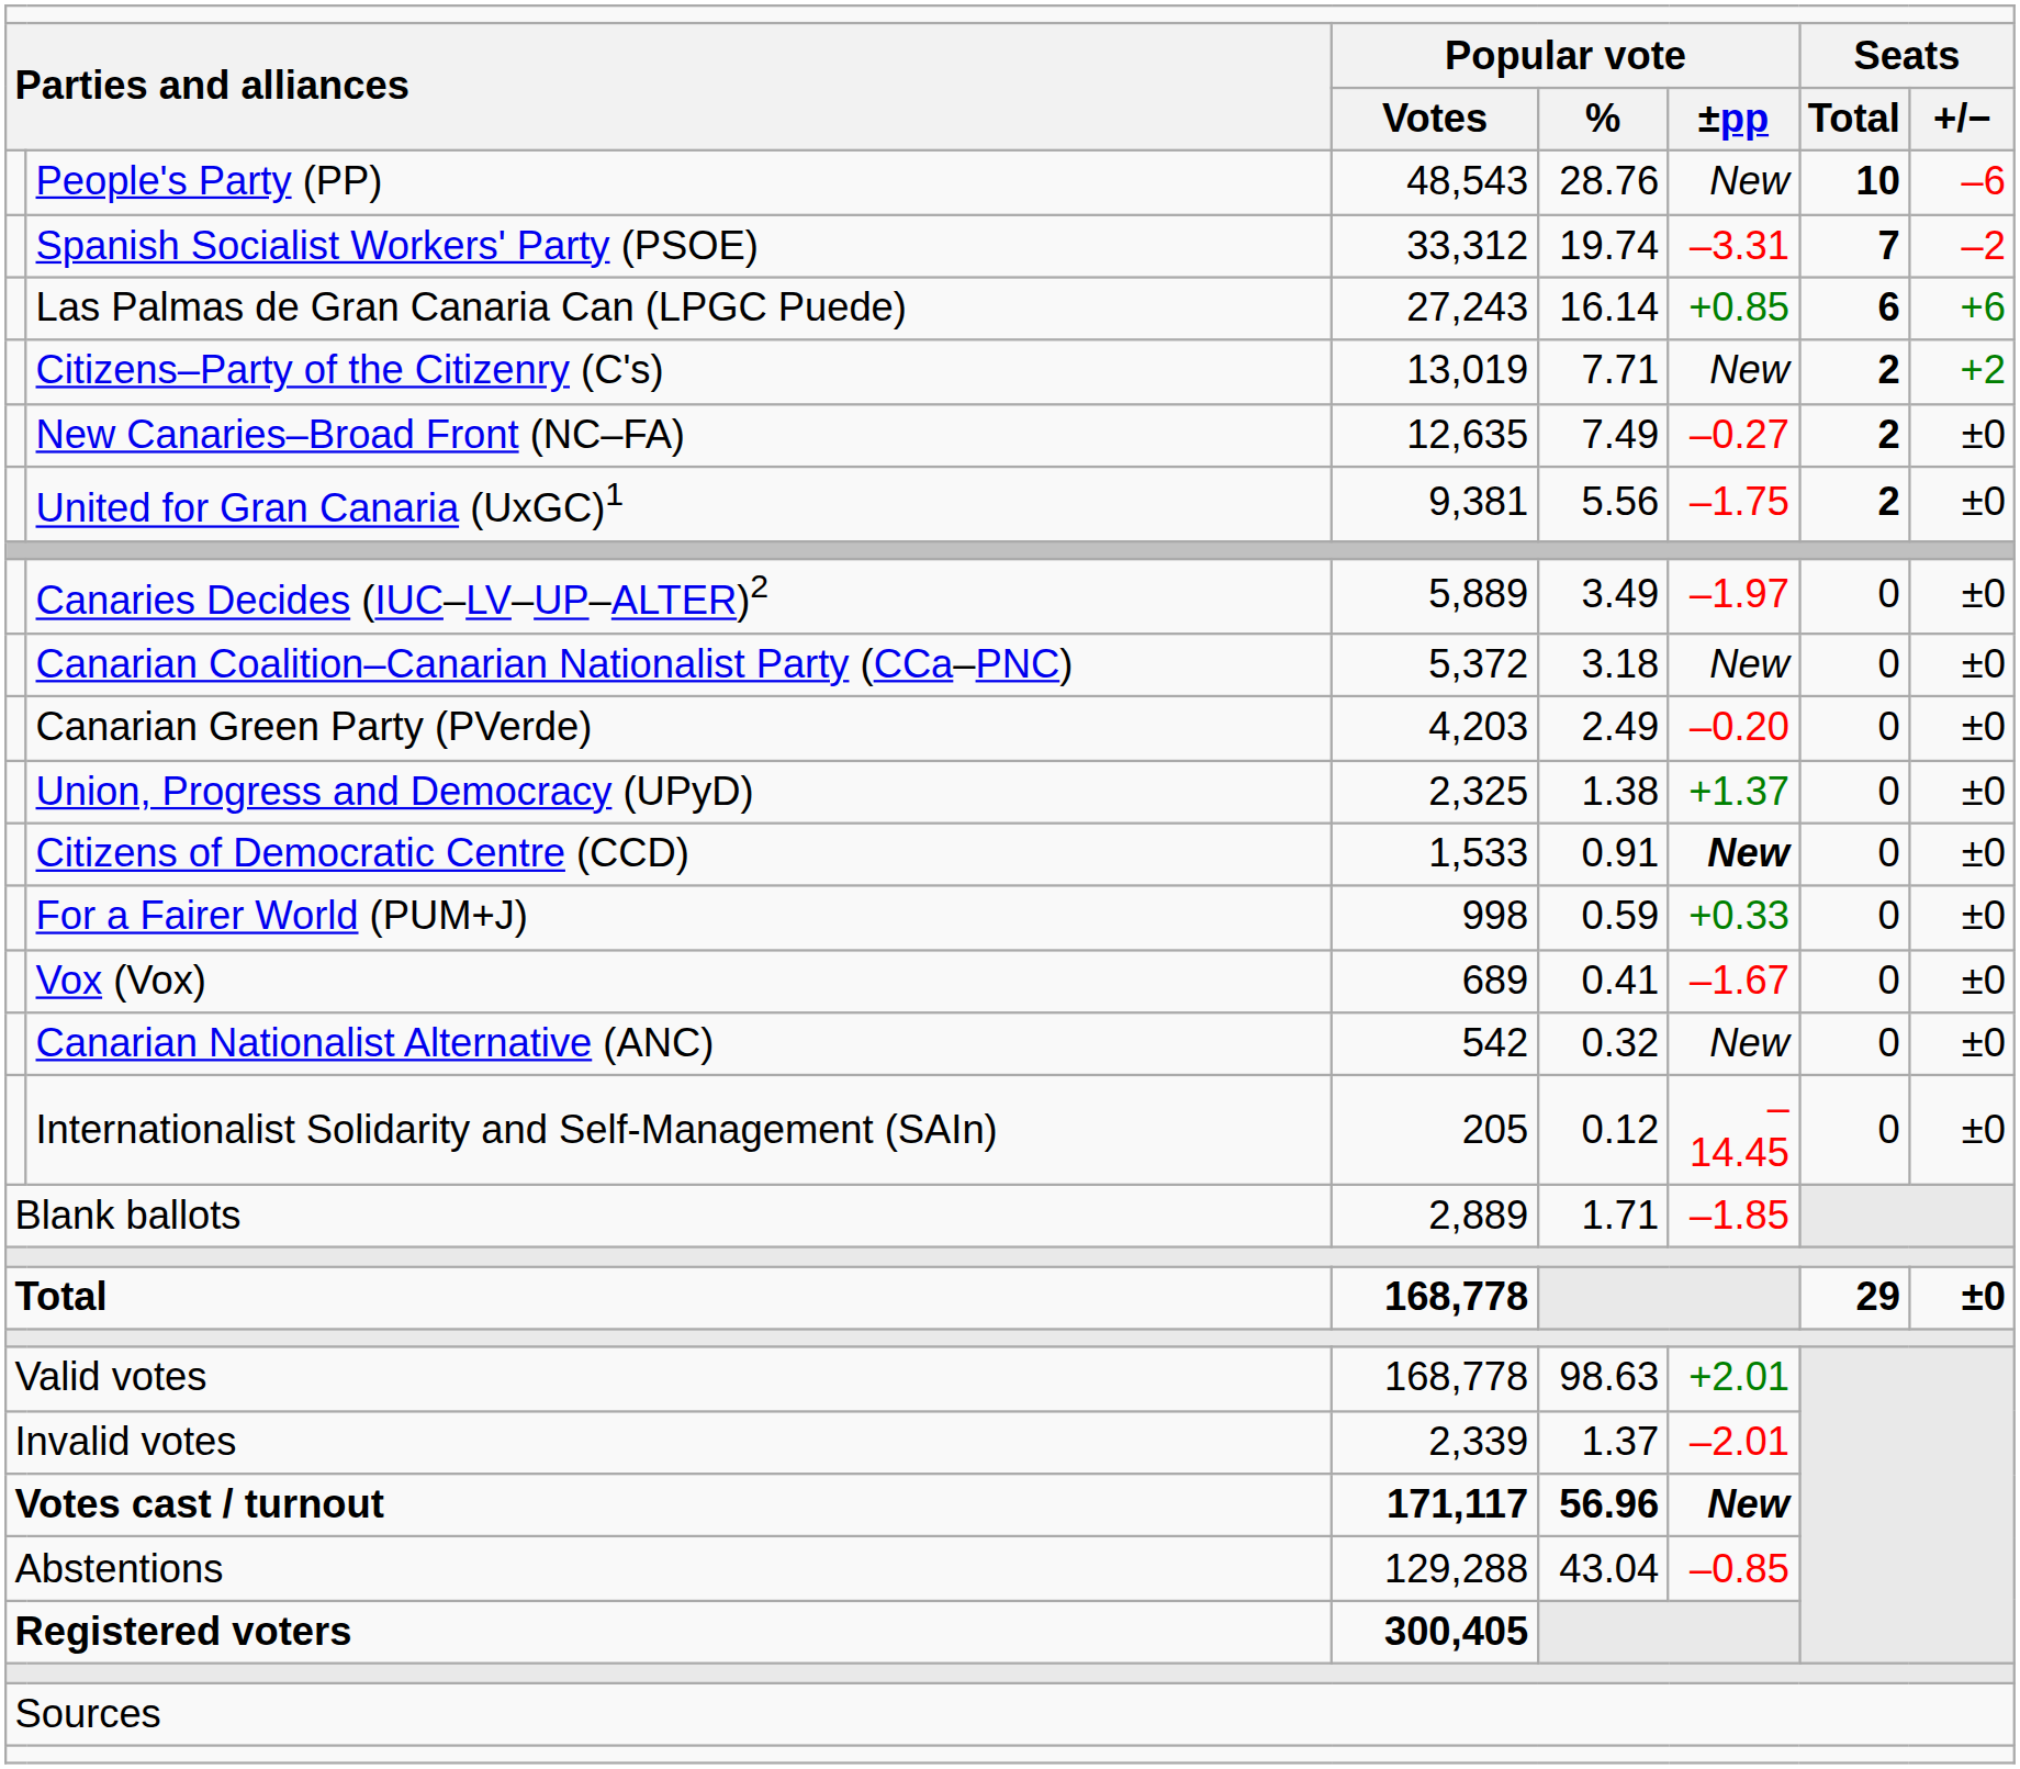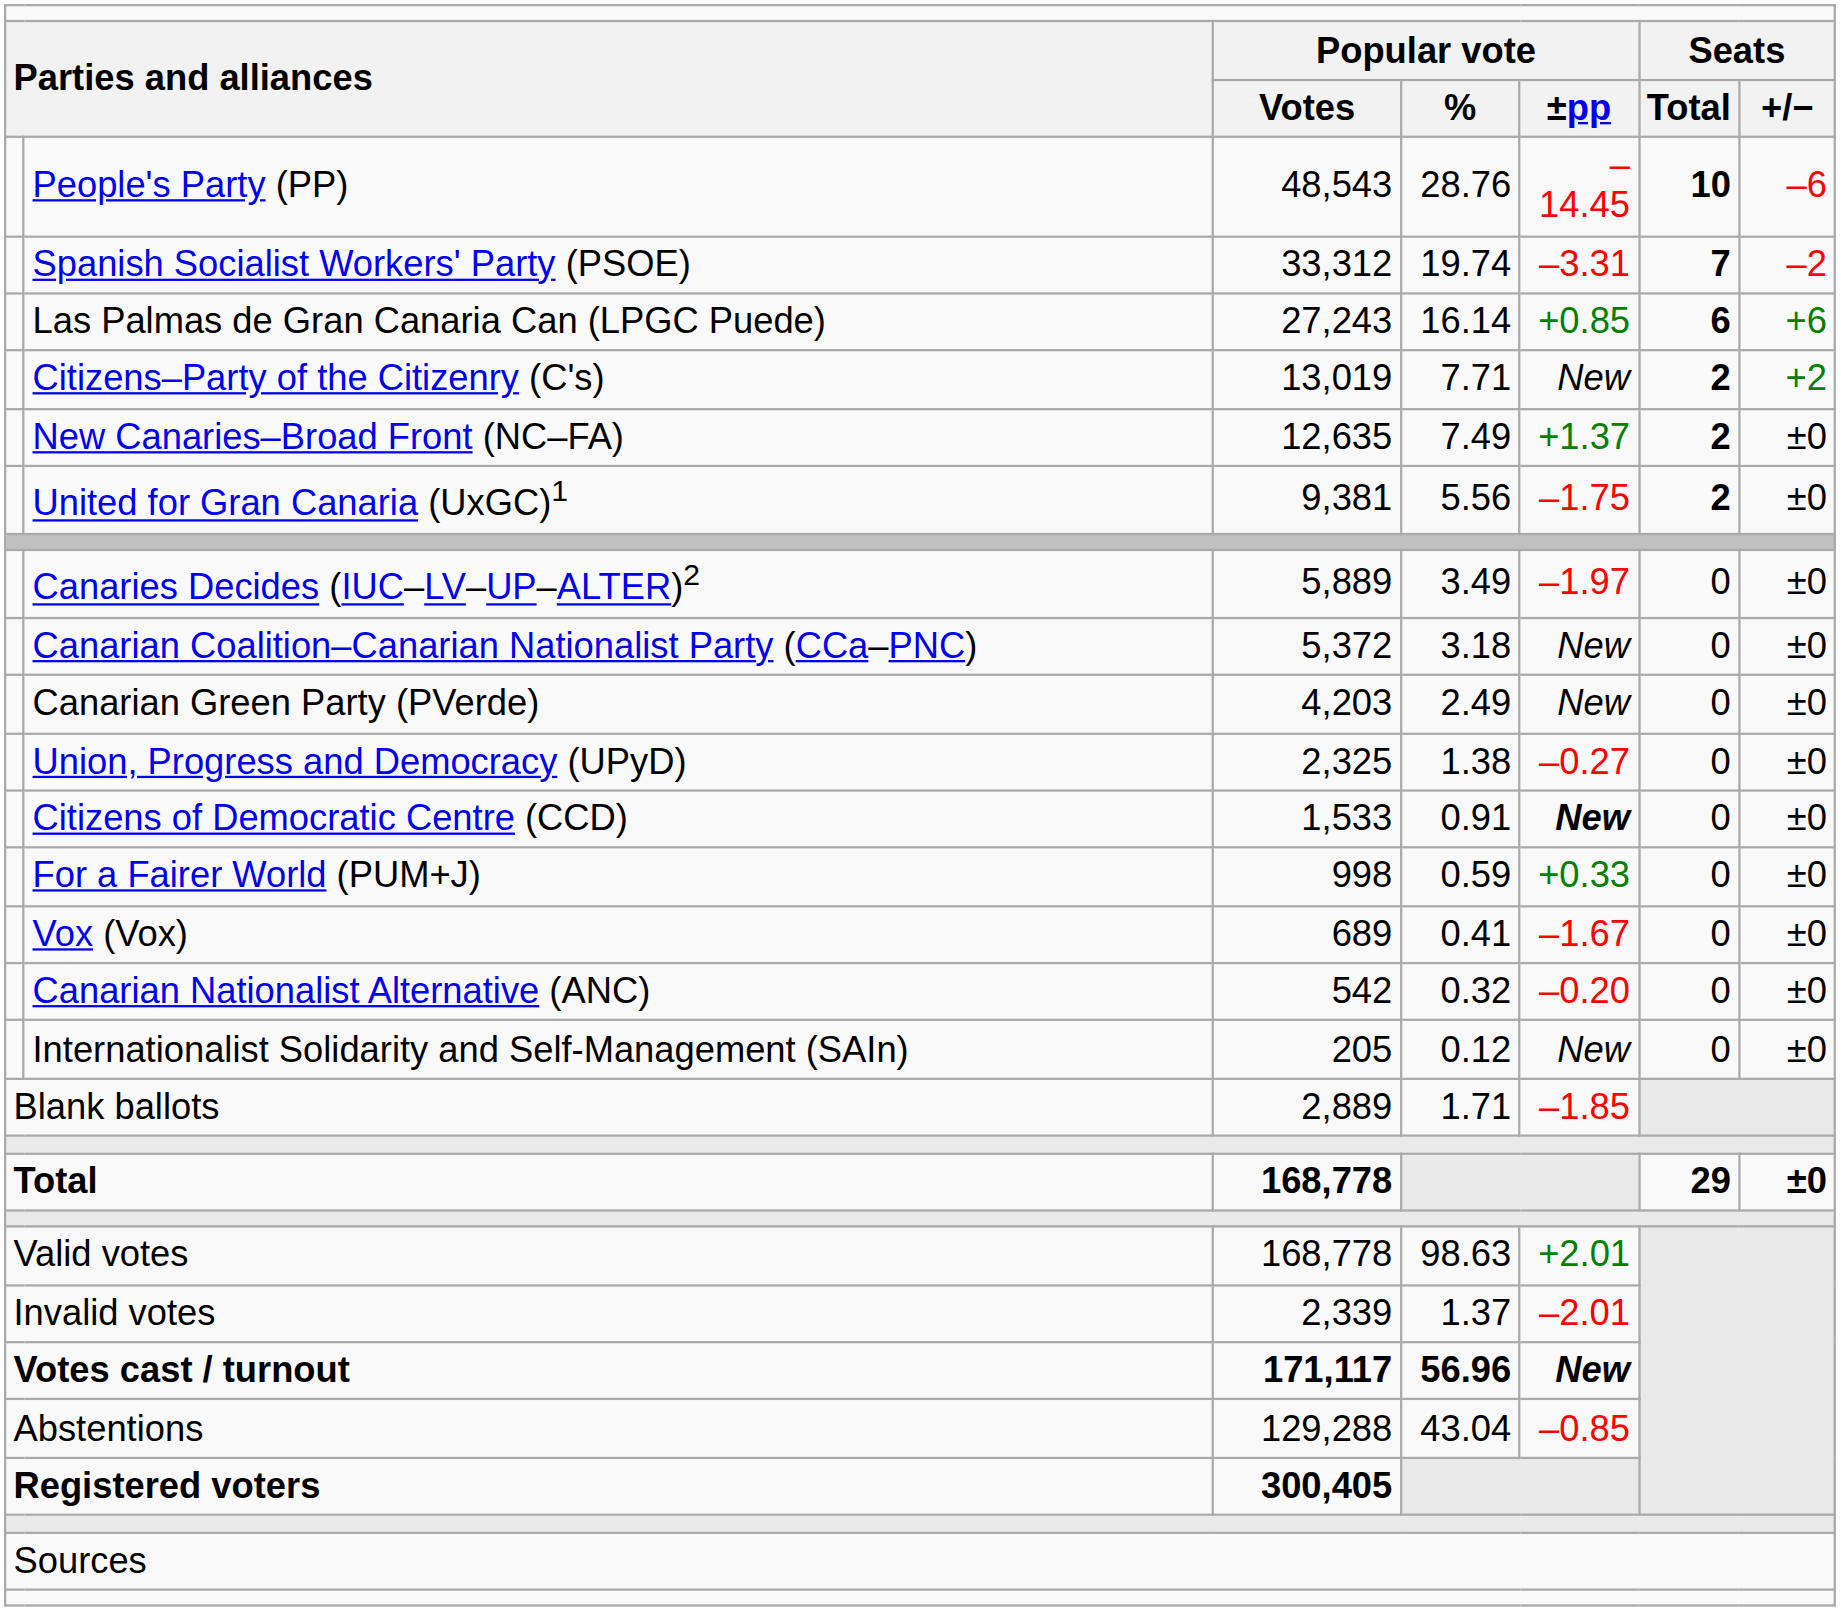 <table class="wikitable" style="text-align:right;">
 <tr>
 <td colspan="7"></td>
 </tr>
 <tr>
 <th style="text-align:left;" rowspan="2" colspan="2" width="525">Parties and alliances</th>
 <th colspan="3">Popular vote</th>
 <th colspan="2">Seats</th>
 </tr>
 <tr>
 <th width="75">Votes</th>
 <th width="45">%</th>
 <th width="45">±<a href='#'>pp</a></th>
 <th width="35">Total</th>
 <th width="35">+/−</th>
 </tr>
 <tr>
 <td width="1" style="color:inherit;background:"></td>
 <td align="left"><a href='#'>People's Party</a> (PP)</td>
 <td>48,543</td>
 <td>28.76</td>
-<td><em>New</em></td>
+<td style="color:red;">–14.45</td>
 <td><strong>10</strong></td>
 <td style="color:red;">–6</td>
 </tr>
 <tr>
 <td style="color:inherit;background:"></td>
 <td align="left"><a href='#'>Spanish Socialist Workers' Party</a> (PSOE)</td>
 <td>33,312</td>
 <td>19.74</td>
 <td style="color:red;">–3.31</td>
 <td><strong>7</strong></td>
 <td style="color:red;">–2</td>
 </tr>
 <tr>
 <td style="color:inherit;background:"></td>
 <td align="left">Las Palmas de Gran Canaria Can (LPGC Puede)</td>
 <td>27,243</td>
 <td>16.14</td>
 <td style="color:green;">+0.85</td>
 <td><strong>6</strong></td>
 <td style="color:green;">+6</td>
 </tr>
 <tr>
 <td style="color:inherit;background:"></td>
 <td align="left"><a href='#'>Citizens–Party of the Citizenry</a> (C's)</td>
 <td>13,019</td>
 <td>7.71</td>
 <td><em>New</em></td>
 <td><strong>2</strong></td>
 <td style="color:green;">+2</td>
 </tr>
 <tr>
 <td style="color:inherit;background:"></td>
 <td align="left"><a href='#'>New Canaries–Broad Front</a> (NC–FA)</td>
 <td>12,635</td>
 <td>7.49</td>
-<td style="color:red;">–0.27</td>
+<td style="color:green;">+1.37</td>
 <td><strong>2</strong></td>
 <td>±0</td>
 </tr>
 <tr>
 <td style="color:inherit;background:"></td>
 <td align="left"><a href='#'>United for Gran Canaria</a> (UxGC)<sup>1</sup></td>
 <td>9,381</td>
 <td>5.56</td>
 <td style="color:red;">–1.75</td>
 <td><strong>2</strong></td>
 <td>±0</td>
 </tr>
 <tr>
 <td colspan="7" bgcolor="#C0C0C0"></td>
 </tr>
 <tr>
 <td style="color:inherit;background:"></td>
 <td align="left"><a href='#'>Canaries Decides</a> (<a href='#'>IUC</a>–<a href='#'>LV</a>–<a href='#'>UP</a>–<a href='#'>ALTER</a>)<sup>2</sup></td>
 <td>5,889</td>
 <td>3.49</td>
 <td style="color:red;">–1.97</td>
 <td>0</td>
 <td>±0</td>
 </tr>
 <tr>
 <td style="color:inherit;background:"></td>
 <td align="left"><a href='#'>Canarian Coalition–Canarian Nationalist Party</a> (<a href='#'>CCa</a>–<a href='#'>PNC</a>)</td>
 <td>5,372</td>
 <td>3.18</td>
 <td><em>New</em></td>
 <td>0</td>
 <td>±0</td>
 </tr>
 <tr>
 <td style="color:inherit;background:"></td>
 <td align="left">Canarian Green Party (PVerde)</td>
 <td>4,203</td>
 <td>2.49</td>
-<td style="color:red;">–0.20</td>
+<td><em>New</em></td>
 <td>0</td>
 <td>±0</td>
 </tr>
 <tr>
 <td style="color:inherit;background:"></td>
 <td align="left"><a href='#'>Union, Progress and Democracy</a> (UPyD)</td>
 <td>2,325</td>
 <td>1.38</td>
-<td style="color:green;">+1.37</td>
+<td style="color:red;">–0.27</td>
 <td>0</td>
 <td>±0</td>
 </tr>
 <tr>
 <td style="color:inherit;background:"></td>
 <td align="left"><a href='#'>Citizens of Democratic Centre</a> (CCD)</td>
 <td>1,533</td>
 <td>0.91</td>
 <td><strong><em>New</em></strong></td>
 <td>0</td>
 <td>±0</td>
 </tr>
 <tr>
 <td style="color:inherit;background:"></td>
 <td align="left"><a href='#'>For a Fairer World</a> (PUM+J)</td>
 <td>998</td>
 <td>0.59</td>
 <td style="color:green;">+0.33</td>
 <td>0</td>
 <td>±0</td>
 </tr>
 <tr>
 <td style="color:inherit;background:"></td>
 <td align="left"><a href='#'>Vox</a> (Vox)</td>
 <td>689</td>
 <td>0.41</td>
 <td style="color:red;">–1.67</td>
 <td>0</td>
 <td>±0</td>
 </tr>
 <tr>
 <td style="color:inherit;background:"></td>
 <td align="left"><a href='#'>Canarian Nationalist Alternative</a> (ANC)</td>
 <td>542</td>
 <td>0.32</td>
-<td><em>New</em></td>
+<td style="color:red;">–0.20</td>
 <td>0</td>
 <td>±0</td>
 </tr>
 <tr>
 <td style="color:inherit;background:"></td>
 <td align="left">Internationalist Solidarity and Self-Management (SAIn)</td>
 <td>205</td>
 <td>0.12</td>
-<td style="color:red;">–14.45</td>
+<td><em>New</em></td>
 <td>0</td>
 <td>±0</td>
 </tr>
 <tr>
 <td align="left" colspan="2">Blank ballots</td>
 <td>2,889</td>
 <td>1.71</td>
 <td style="color:red;">–1.85</td>
 <td bgcolor="#E9E9E9" colspan="2"></td>
 </tr>
 <tr>
 <td colspan="7" bgcolor="#E9E9E9"></td>
 </tr>
 <tr style="font-weight:bold;">
 <td align="left" colspan="2">Total</td>
 <td>168,778</td>
 <td bgcolor="#E9E9E9" colspan="2"></td>
 <td>29</td>
 <td>±0</td>
 </tr>
 <tr>
 <td colspan="7" bgcolor="#E9E9E9"></td>
 </tr>
 <tr>
 <td align="left" colspan="2">Valid votes</td>
 <td>168,778</td>
 <td>98.63</td>
 <td style="color:green;">+2.01</td>
 <td bgcolor="#E9E9E9" colspan="2" rowspan="5"></td>
 </tr>
 <tr>
 <td align="left" colspan="2">Invalid votes</td>
 <td>2,339</td>
 <td>1.37</td>
 <td style="color:red;">–2.01</td>
 </tr>
 <tr style="font-weight:bold;">
 <td align="left" colspan="2">Votes cast / turnout</td>
 <td>171,117</td>
 <td>56.96</td>
 <td><em>New</em></td>
 </tr>
 <tr>
 <td align="left" colspan="2">Abstentions</td>
 <td>129,288</td>
 <td>43.04</td>
 <td style="color:red;">–0.85</td>
 </tr>
 <tr style="font-weight:bold;">
 <td align="left" colspan="2">Registered voters</td>
 <td>300,405</td>
 <td bgcolor="#E9E9E9" colspan="2"></td>
 </tr>
 <tr>
 <td colspan="7" bgcolor="#E9E9E9"></td>
 </tr>
 <tr>
 <td align="left" colspan="7">Sources</td>
 </tr>
 <tr>
 <td colspan="7" style="text-align:left; max-width:790px;"></td>
 </tr>
 </table>
